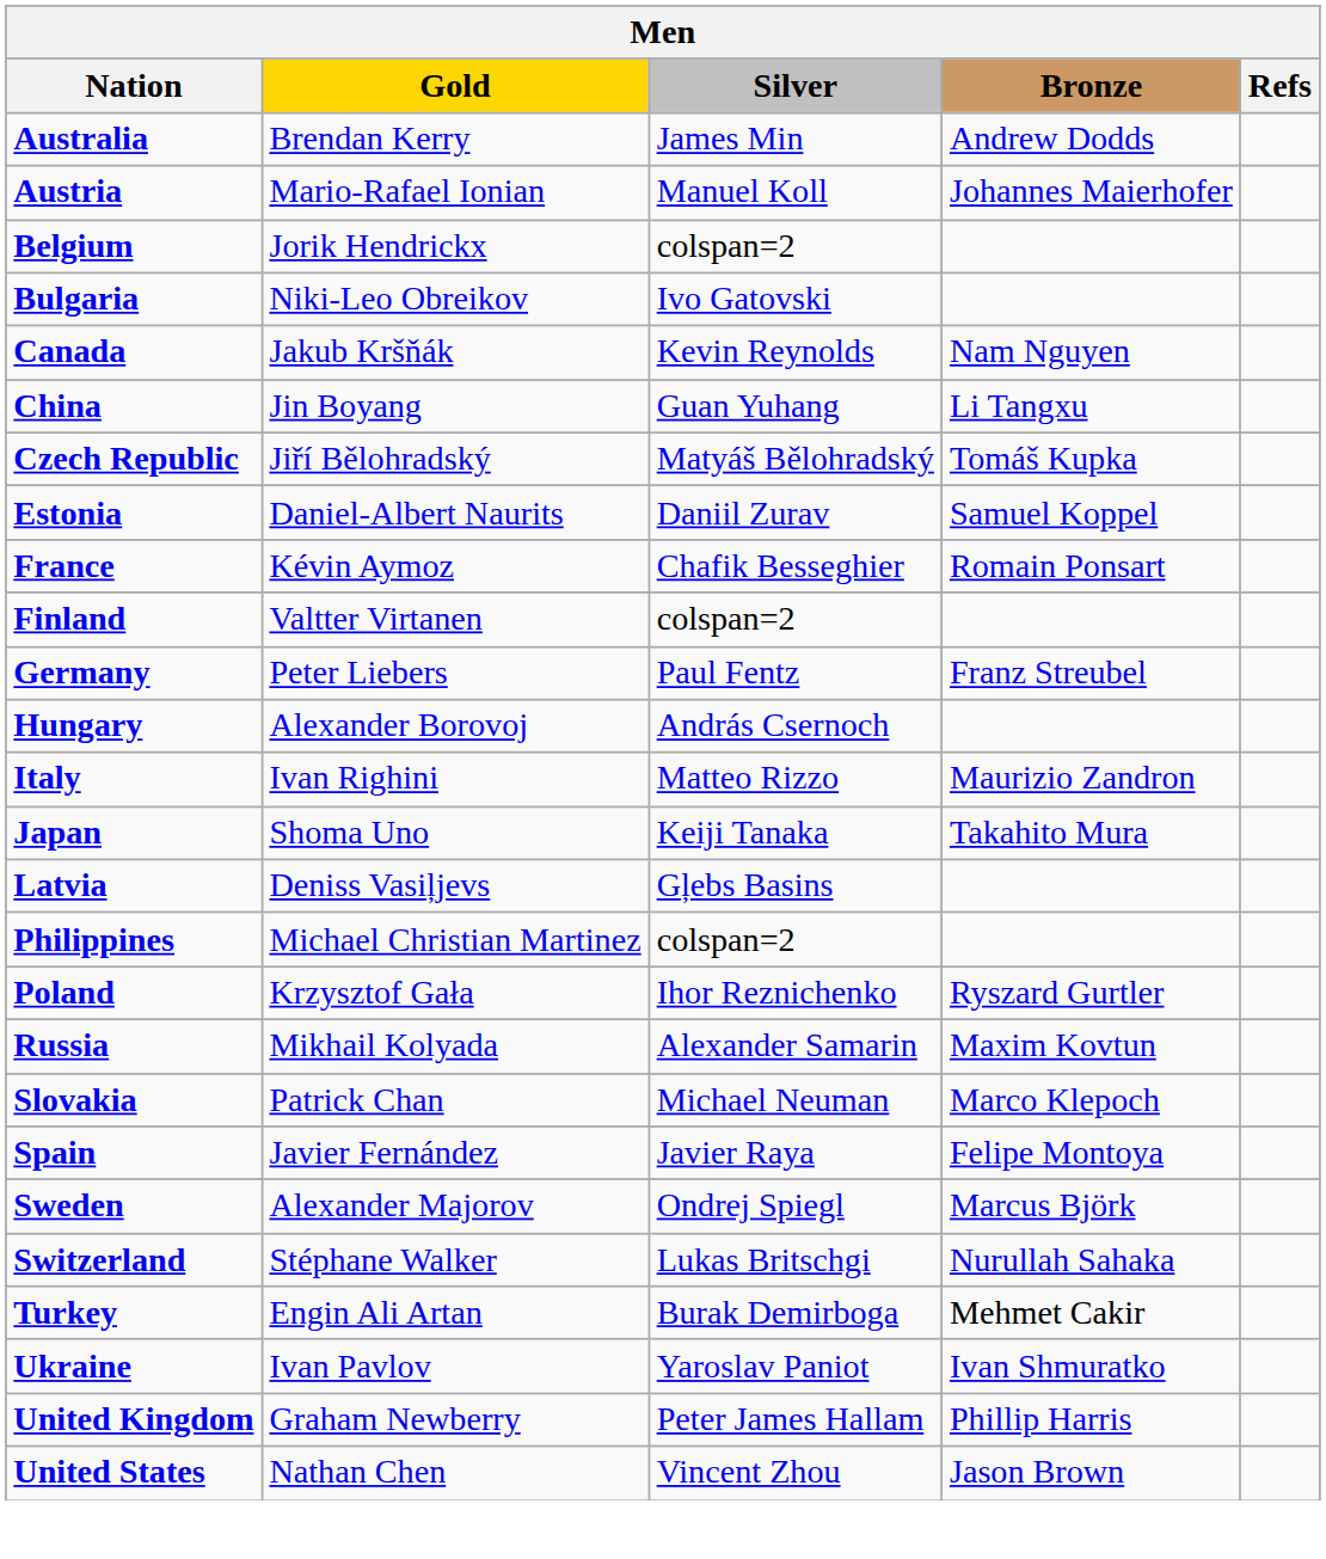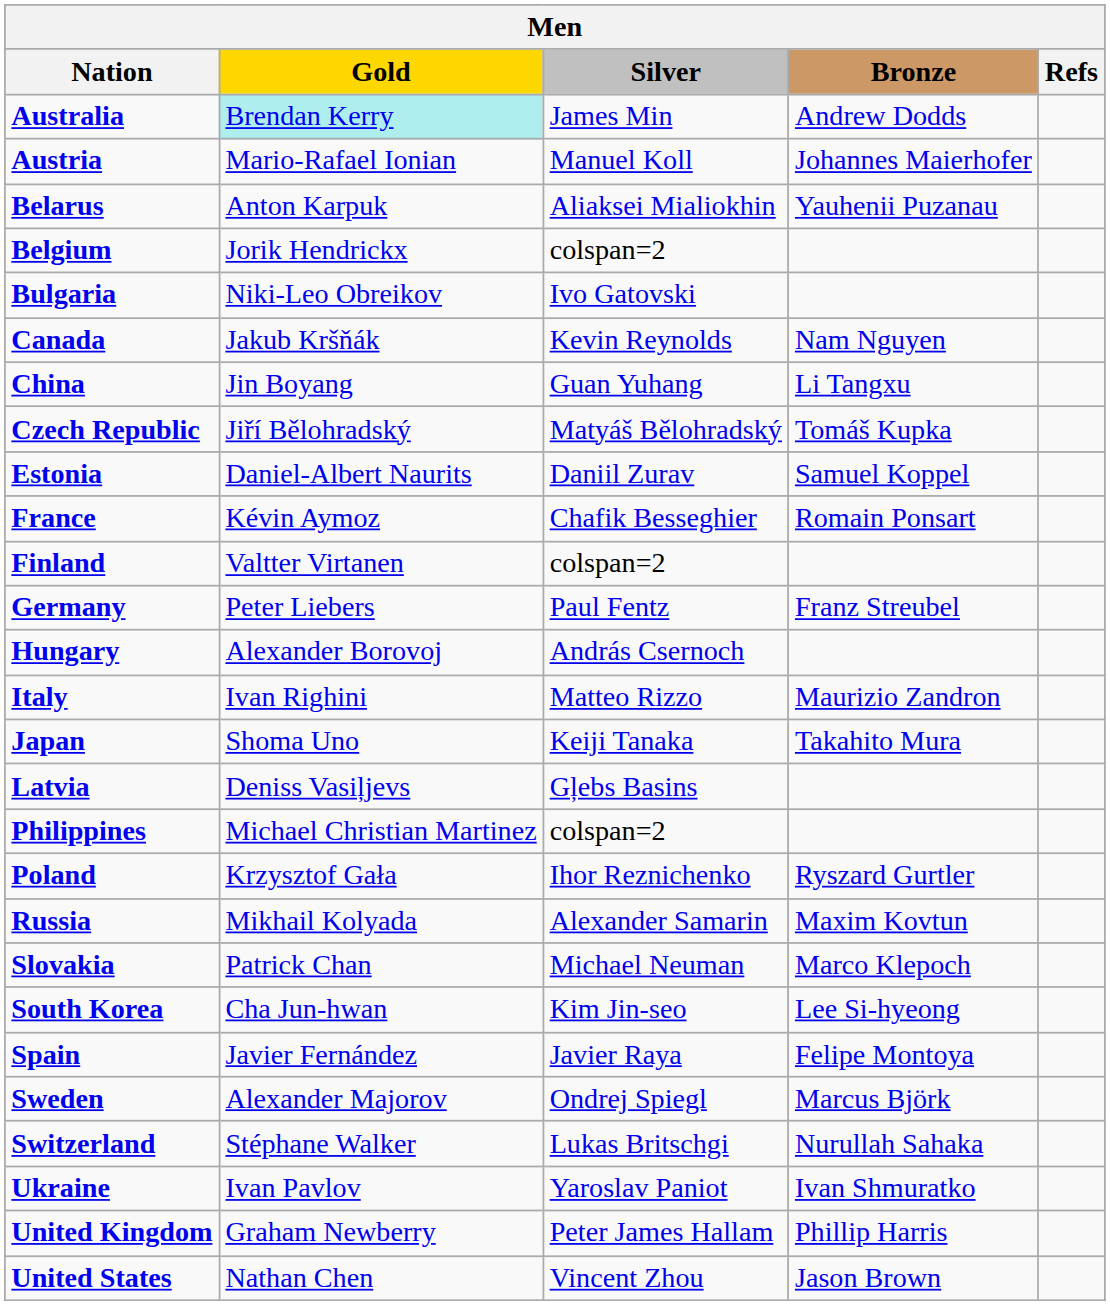 <table class="wikitable">
 <tr>
 <th colspan=5>Men</th>
 </tr>
 <tr>
 <th>Nation</th>
 <td style="text-align:center; background:gold;"><strong>Gold</strong></td>
 <td style="text-align:center; background:silver;"><strong>Silver</strong></td>
 <td style="text-align:center; background:#c96;"><strong>Bronze</strong></td>
 <th>Refs</th>
 </tr>
 <tr>
 <td><strong><a href='#'>Australia</a></strong></td>
-<td><a href='#'>Brendan Kerry</a></td>
+<td style="background: paleturquoise;"><a href='#'>Brendan Kerry</a></td>
 <td><a href='#'>James Min</a></td>
 <td><a href='#'>Andrew Dodds</a></td>
 <td></td>
 </tr>
 <tr>
 <td><strong><a href='#'>Austria</a></strong></td>
 <td><a href='#'>Mario-Rafael Ionian</a></td>
 <td><a href='#'>Manuel Koll</a></td>
 <td><a href='#'>Johannes Maierhofer</a></td>
+<td></td>
+</tr>
+<tr>
+<td><strong><a href='#'>Belarus</a></strong></td>
+<td><a href='#'>Anton Karpuk</a></td>
+<td><a href='#'>Aliaksei Mialiokhin</a></td>
+<td><a href='#'>Yauhenii Puzanau</a></td>
 <td></td>
 </tr>
 <tr>
 <td><strong><a href='#'>Belgium</a></strong></td>
 <td><a href='#'>Jorik Hendrickx</a></td>
 <td>colspan=2 </td>
 <td></td>
 </tr>
 <tr>
 <td><strong><a href='#'>Bulgaria</a></strong></td>
 <td><a href='#'>Niki-Leo Obreikov</a></td>
 <td><a href='#'>Ivo Gatovski</a></td>
 <td></td>
 <td></td>
 </tr>
 <tr>
 <td><strong><a href='#'>Canada</a></strong></td>
 <td><a href='#'>Jakub Kršňák</a></td>
 <td><a href='#'>Kevin Reynolds</a></td>
 <td><a href='#'>Nam Nguyen</a></td>
 <td></td>
 </tr>
 <tr>
 <td><strong><a href='#'>China</a></strong></td>
 <td><a href='#'>Jin Boyang</a></td>
 <td><a href='#'>Guan Yuhang</a></td>
 <td><a href='#'>Li Tangxu</a></td>
 <td></td>
 </tr>
 <tr>
 <td><strong><a href='#'>Czech Republic</a></strong></td>
 <td><a href='#'>Jiří Bělohradský</a></td>
 <td><a href='#'>Matyáš Bělohradský</a></td>
 <td><a href='#'>Tomáš Kupka</a></td>
 <td></td>
 </tr>
 <tr>
 <td><strong><a href='#'>Estonia</a></strong></td>
 <td><a href='#'>Daniel-Albert Naurits</a></td>
 <td><a href='#'>Daniil Zurav</a></td>
 <td><a href='#'>Samuel Koppel</a></td>
 <td></td>
 </tr>
 <tr>
 <td><strong><a href='#'>France</a></strong></td>
 <td><a href='#'>Kévin Aymoz</a></td>
 <td><a href='#'>Chafik Besseghier</a></td>
 <td><a href='#'>Romain Ponsart</a></td>
 <td></td>
 </tr>
 <tr>
 <td><strong><a href='#'>Finland</a></strong></td>
 <td><a href='#'>Valtter Virtanen</a></td>
 <td>colspan=2 </td>
 <td></td>
 </tr>
 <tr>
 <td><strong><a href='#'>Germany</a></strong></td>
 <td><a href='#'>Peter Liebers</a></td>
 <td><a href='#'>Paul Fentz</a></td>
 <td><a href='#'>Franz Streubel</a></td>
 <td></td>
 </tr>
 <tr>
 <td><strong><a href='#'>Hungary</a></strong></td>
 <td><a href='#'>Alexander Borovoj</a></td>
 <td><a href='#'>András Csernoch</a></td>
 <td></td>
 <td></td>
 </tr>
 <tr>
 <td><strong><a href='#'>Italy</a></strong></td>
 <td><a href='#'>Ivan Righini</a></td>
 <td><a href='#'>Matteo Rizzo</a></td>
 <td><a href='#'>Maurizio Zandron</a></td>
 <td></td>
 </tr>
 <tr>
 <td><strong><a href='#'>Japan</a></strong></td>
 <td><a href='#'>Shoma Uno</a></td>
 <td><a href='#'>Keiji Tanaka</a></td>
 <td><a href='#'>Takahito Mura</a></td>
 <td></td>
 </tr>
 <tr>
 <td><strong><a href='#'>Latvia</a></strong></td>
 <td><a href='#'>Deniss Vasiļjevs</a></td>
 <td><a href='#'>Gļebs Basins</a></td>
 <td></td>
 <td></td>
 </tr>
 <tr>
 <td><strong><a href='#'>Philippines</a></strong></td>
 <td><a href='#'>Michael Christian Martinez</a></td>
 <td>colspan=2 </td>
 <td></td>
 </tr>
 <tr>
 <td><strong><a href='#'>Poland</a></strong></td>
 <td><a href='#'>Krzysztof Gała</a></td>
 <td><a href='#'>Ihor Reznichenko</a></td>
 <td><a href='#'>Ryszard Gurtler</a></td>
 <td></td>
 </tr>
 <tr>
 <td><strong><a href='#'>Russia</a></strong></td>
 <td><a href='#'>Mikhail Kolyada</a></td>
 <td><a href='#'>Alexander Samarin</a></td>
 <td><a href='#'>Maxim Kovtun</a></td>
 <td></td>
 </tr>
 <tr>
 <td><strong><a href='#'>Slovakia</a></strong></td>
 <td><a href='#'>Patrick Chan</a></td>
 <td><a href='#'>Michael Neuman</a></td>
 <td><a href='#'>Marco Klepoch</a></td>
 <td></td>
 </tr>
 <tr>
+<td><strong><a href='#'>South Korea</a></strong></td>
+<td><a href='#'>Cha Jun-hwan</a></td>
+<td><a href='#'>Kim Jin-seo</a></td>
+<td><a href='#'>Lee Si-hyeong</a></td>
+<td></td>
+</tr>
+<tr>
 <td><strong><a href='#'>Spain</a></strong></td>
 <td><a href='#'>Javier Fernández</a></td>
 <td><a href='#'>Javier Raya</a></td>
 <td><a href='#'>Felipe Montoya</a></td>
 <td></td>
 </tr>
 <tr>
 <td><strong><a href='#'>Sweden</a></strong></td>
 <td><a href='#'>Alexander Majorov</a></td>
 <td><a href='#'>Ondrej Spiegl</a></td>
 <td><a href='#'>Marcus Björk</a></td>
 <td></td>
 </tr>
 <tr>
 <td><strong><a href='#'>Switzerland</a></strong></td>
 <td><a href='#'>Stéphane Walker</a></td>
 <td><a href='#'>Lukas Britschgi</a></td>
 <td><a href='#'>Nurullah Sahaka</a></td>
-<td></td>
-</tr>
-<tr>
-<td><strong><a href='#'>Turkey</a></strong></td>
-<td><a href='#'>Engin Ali Artan</a></td>
-<td><a href='#'>Burak Demirboga</a></td>
-<td>Mehmet Cakir</td>
 <td></td>
 </tr>
 <tr>
 <td><strong><a href='#'>Ukraine</a></strong></td>
 <td><a href='#'>Ivan Pavlov</a></td>
 <td><a href='#'>Yaroslav Paniot</a></td>
 <td><a href='#'>Ivan Shmuratko</a></td>
 <td></td>
 </tr>
 <tr>
 <td><strong><a href='#'>United Kingdom</a></strong></td>
 <td><a href='#'>Graham Newberry</a></td>
 <td><a href='#'>Peter James Hallam</a></td>
 <td><a href='#'>Phillip Harris</a></td>
 <td></td>
 </tr>
 <tr>
 <td><strong><a href='#'>United States</a></strong></td>
 <td><a href='#'>Nathan Chen</a></td>
 <td><a href='#'>Vincent Zhou</a></td>
 <td><a href='#'>Jason Brown</a></td>
 <td></td>
 </tr>
 </table>
